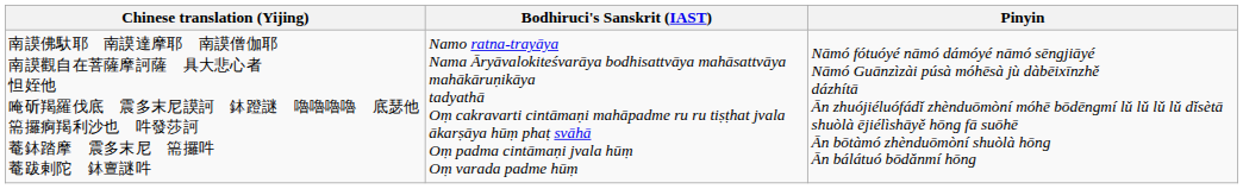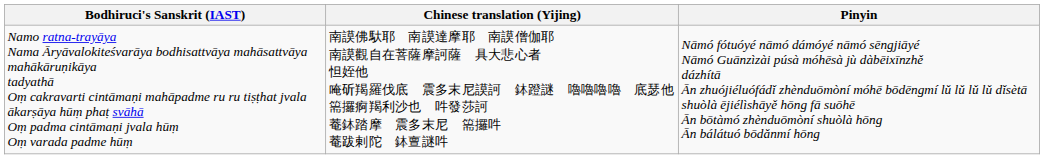 <table class="wikitable">
 <tr>
+<th>Bodhiruci's Sanskrit (<a href='#'>IAST</a>)</th>
 <th>Chinese translation (Yijing)</th>
-<th>Bodhiruci's Sanskrit (<a href='#'>IAST</a>)</th>
 <th>Pinyin</th>
 </tr>
 <tr>
+<td><em>Namo <a href='#'>ratna-trayāya</a><br>Nama Āryāvalokiteśvarāya bodhisattvāya mahāsattvāya mahākāruṇikāya<br>tadyathā<br>Oṃ cakravarti cintāmaṇi mahāpadme ru ru tiṣṭhat jvala ākarṣāya hūṃ phaṭ <a href='#'>svāhā</a><br>Oṃ padma cintāmaṇi jvala hūṃ<br>Oṃ varada padme hūṃ</em></td>
 <td>南謨佛馱耶　南謨達摩耶　南謨僧伽耶<br>南謨觀自在菩薩摩訶薩　具大悲心者<br>怛姪他<br>唵斫羯羅伐底　震多末尼謨訶　鉢蹬謎　嚕嚕嚕嚕　底瑟他　篅攞痾羯利沙也　吽發莎訶<br>菴鉢踏摩　震多末尼　篅攞吽<br>菴跋剌陀　鉢亶謎吽</td>
-<td><em>Namo <a href='#'>ratna-trayāya</a><br>Nama Āryāvalokiteśvarāya bodhisattvāya mahāsattvāya mahākāruṇikāya<br>tadyathā<br>Oṃ cakravarti cintāmaṇi mahāpadme ru ru tiṣṭhat jvala ākarṣāya hūṃ phaṭ <a href='#'>svāhā</a><br>Oṃ padma cintāmaṇi jvala hūṃ<br>Oṃ varada padme hūṃ</em></td>
 <td><em>Nāmó fótuóyé nāmó dámóyé nāmó sēngjiāyé<br>Nāmó Guānzìzài púsà móhēsà jù dàbēixīnzhě<br> dázhítā<br>Ān zhuójiéluófádǐ zhènduōmòní móhē bōdēngmí lǔ lǔ lǔ lǔ dǐsètā shuòlà ējiélìshāyě hōng fā suōhē<br>Ān bōtàmó zhènduōmòní shuòlà hōng<br>Ān bálátuó bōdǎnmí hōng</em></td>
 </tr>
 </table>
